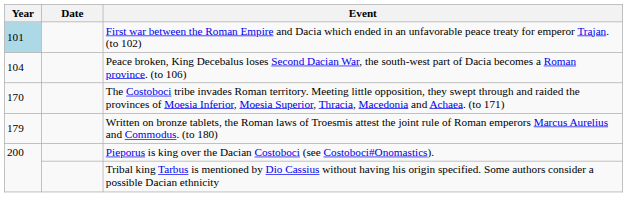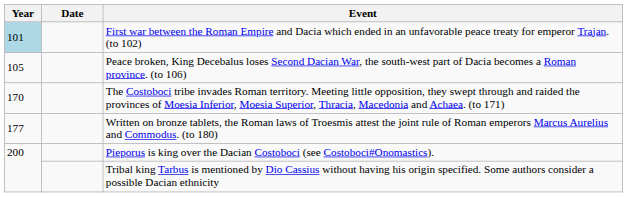 <table class="wikitable" width="100%">
 <tr>
 <th style="width:6%">Year</th>
 <th style="width:10%">Date</th>
 <th>Event</th>
 </tr>
 <tr>
 <td style="background: lightblue;">101</td>
 <td></td>
 <td><a href='#'>First war between the Roman Empire</a> and Dacia which ended in an unfavorable peace treaty for emperor <a href='#'>Trajan</a>. (to 102)</td>
 </tr>
 <tr>
-<td>104</td>
+<td>105</td>
 <td></td>
 <td>Peace broken, King Decebalus loses <a href='#'>Second Dacian War</a>, the south-west part of Dacia becomes a <a href='#'>Roman province</a>. (to 106)</td>
 </tr>
 <tr>
 <td>170</td>
 <td></td>
 <td>The <a href='#'>Costoboci</a> tribe invades Roman territory. Meeting little opposition, they swept through and raided the provinces of <a href='#'>Moesia Inferior</a>, <a href='#'>Moesia Superior</a>, <a href='#'>Thracia</a>, <a href='#'>Macedonia</a> and <a href='#'>Achaea</a>. (to 171)</td>
 </tr>
 <tr>
-<td>179</td>
+<td>177</td>
 <td></td>
 <td>Written on bronze tablets, the Roman laws of Troesmis attest the joint rule of Roman emperors <a href='#'>Marcus Aurelius</a> and <a href='#'>Commodus</a>. (to 180)</td>
 </tr>
 <tr>
 <td rowspan="5" valign="top">200</td>
 <td></td>
 <td><a href='#'>Pieporus</a> is king over the Dacian <a href='#'>Costoboci</a> (see <a href='#'>Costoboci#Onomastics</a>).</td>
 </tr>
 <tr>
 <td></td>
 <td>Tribal king <a href='#'>Tarbus</a> is mentioned by <a href='#'>Dio Cassius</a> without having his origin specified. Some authors consider a possible Dacian ethnicity</td>
 </tr>
 </table>
